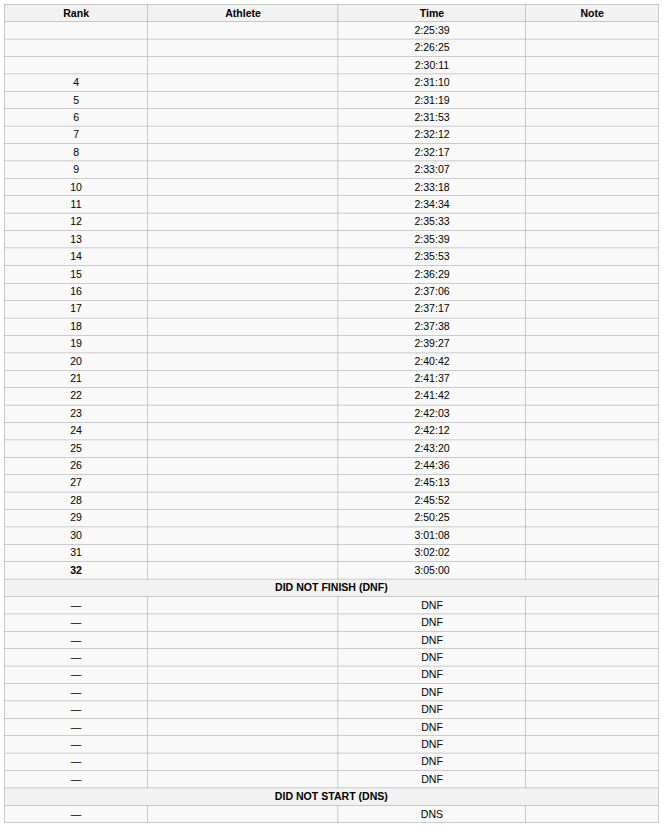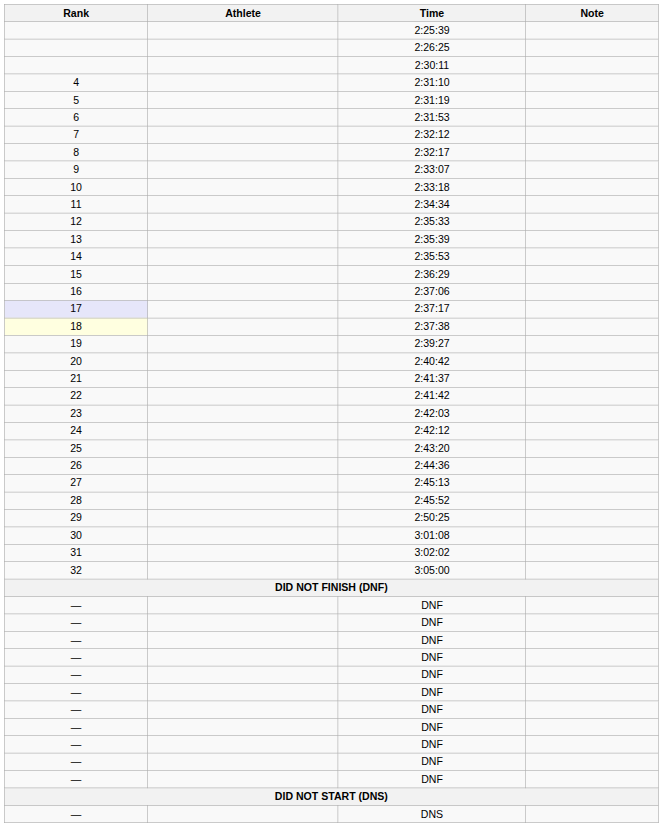 <table class="wikitable" style=" text-align:center; font-size:110%;" width="55%">
 <tr>
 <th>Rank</th>
 <th>Athlete</th>
 <th>Time</th>
 <th>Note</th>
 </tr>
 <tr>
 <td></td>
 <td align=left></td>
 <td>2:25:39</td>
 <td></td>
 </tr>
 <tr>
 <td></td>
 <td align=left></td>
 <td>2:26:25</td>
 <td></td>
 </tr>
 <tr>
 <td></td>
 <td align=left></td>
 <td>2:30:11</td>
 <td></td>
 </tr>
 <tr>
 <td>4</td>
 <td align=left></td>
 <td>2:31:10</td>
 <td></td>
 </tr>
 <tr>
 <td>5</td>
 <td align=left></td>
 <td>2:31:19</td>
 <td></td>
 </tr>
 <tr>
 <td>6</td>
 <td align=left></td>
 <td>2:31:53</td>
 <td></td>
 </tr>
 <tr>
 <td>7</td>
 <td align=left></td>
 <td>2:32:12</td>
 <td></td>
 </tr>
 <tr>
 <td>8</td>
 <td align=left></td>
 <td>2:32:17</td>
 <td></td>
 </tr>
 <tr>
 <td>9</td>
 <td align=left></td>
 <td>2:33:07</td>
 <td></td>
 </tr>
 <tr>
 <td>10</td>
 <td align=left></td>
 <td>2:33:18</td>
 <td></td>
 </tr>
 <tr>
 <td>11</td>
 <td align=left></td>
 <td>2:34:34</td>
 <td></td>
 </tr>
 <tr>
 <td>12</td>
 <td align=left></td>
 <td>2:35:33</td>
 <td></td>
 </tr>
 <tr>
 <td>13</td>
 <td align=left></td>
 <td>2:35:39</td>
 <td></td>
 </tr>
 <tr>
 <td>14</td>
 <td align=left></td>
 <td>2:35:53</td>
 <td></td>
 </tr>
 <tr>
 <td>15</td>
 <td align=left></td>
 <td>2:36:29</td>
 <td></td>
 </tr>
 <tr>
 <td>16</td>
 <td align=left></td>
 <td>2:37:06</td>
 <td></td>
 </tr>
 <tr>
-<td>17</td>
+<td style="background: lavender;">17</td>
 <td align=left></td>
 <td>2:37:17</td>
 <td></td>
 </tr>
 <tr>
-<td>18</td>
+<td style="background: lightyellow;">18</td>
 <td align=left></td>
 <td>2:37:38</td>
 <td></td>
 </tr>
 <tr>
 <td>19</td>
 <td align=left></td>
 <td>2:39:27</td>
 <td></td>
 </tr>
 <tr>
 <td>20</td>
 <td align=left></td>
 <td>2:40:42</td>
 <td></td>
 </tr>
 <tr>
 <td>21</td>
 <td align=left></td>
 <td>2:41:37</td>
 <td></td>
 </tr>
 <tr>
 <td>22</td>
 <td align=left></td>
 <td>2:41:42</td>
 <td></td>
 </tr>
 <tr>
 <td>23</td>
 <td align=left></td>
 <td>2:42:03</td>
 <td></td>
 </tr>
 <tr>
 <td>24</td>
 <td align=left></td>
 <td>2:42:12</td>
 <td></td>
 </tr>
 <tr>
 <td>25</td>
 <td align=left></td>
 <td>2:43:20</td>
 <td></td>
 </tr>
 <tr>
 <td>26</td>
 <td align=left></td>
 <td>2:44:36</td>
 <td></td>
 </tr>
 <tr>
 <td>27</td>
 <td align=left></td>
 <td>2:45:13</td>
 <td></td>
 </tr>
 <tr>
 <td>28</td>
 <td align=left></td>
 <td>2:45:52</td>
 <td></td>
 </tr>
 <tr>
 <td>29</td>
 <td align=left></td>
 <td>2:50:25</td>
 <td></td>
 </tr>
 <tr>
 <td>30</td>
 <td align=left></td>
 <td>3:01:08</td>
 <td></td>
 </tr>
 <tr>
 <td>31</td>
 <td align=left></td>
 <td>3:02:02</td>
 <td></td>
 </tr>
 <tr>
-<td><strong>32</strong></td>
+<td>32</td>
 <td align=left></td>
 <td>3:05:00</td>
 <td></td>
 </tr>
 <tr>
 <th colspan="4">DID NOT FINISH (DNF)</th>
 </tr>
 <tr>
 <td>—</td>
 <td align=left></td>
 <td>DNF</td>
 <td></td>
 </tr>
 <tr>
 <td>—</td>
 <td align=left></td>
 <td>DNF</td>
 <td></td>
 </tr>
 <tr>
 <td>—</td>
 <td align=left></td>
 <td>DNF</td>
 <td></td>
 </tr>
 <tr>
 <td>—</td>
 <td align=left></td>
 <td>DNF</td>
 <td></td>
 </tr>
 <tr>
 <td>—</td>
 <td align=left></td>
 <td>DNF</td>
 <td></td>
 </tr>
 <tr>
 <td>—</td>
 <td align=left></td>
 <td>DNF</td>
 <td></td>
 </tr>
 <tr>
 <td>—</td>
 <td align=left></td>
 <td>DNF</td>
 <td></td>
 </tr>
 <tr>
 <td>—</td>
 <td align=left></td>
 <td>DNF</td>
 <td></td>
 </tr>
 <tr>
 <td>—</td>
 <td align=left></td>
 <td>DNF</td>
 <td></td>
 </tr>
 <tr>
 <td>—</td>
 <td align=left></td>
 <td>DNF</td>
 <td></td>
 </tr>
 <tr>
 <td>—</td>
 <td align=left></td>
 <td>DNF</td>
 <td></td>
 </tr>
 <tr>
 <th colspan="4">DID NOT START (DNS)</th>
 </tr>
 <tr>
 <td>—</td>
 <td align=left></td>
 <td>DNS</td>
 <td></td>
 </tr>
 </table>
